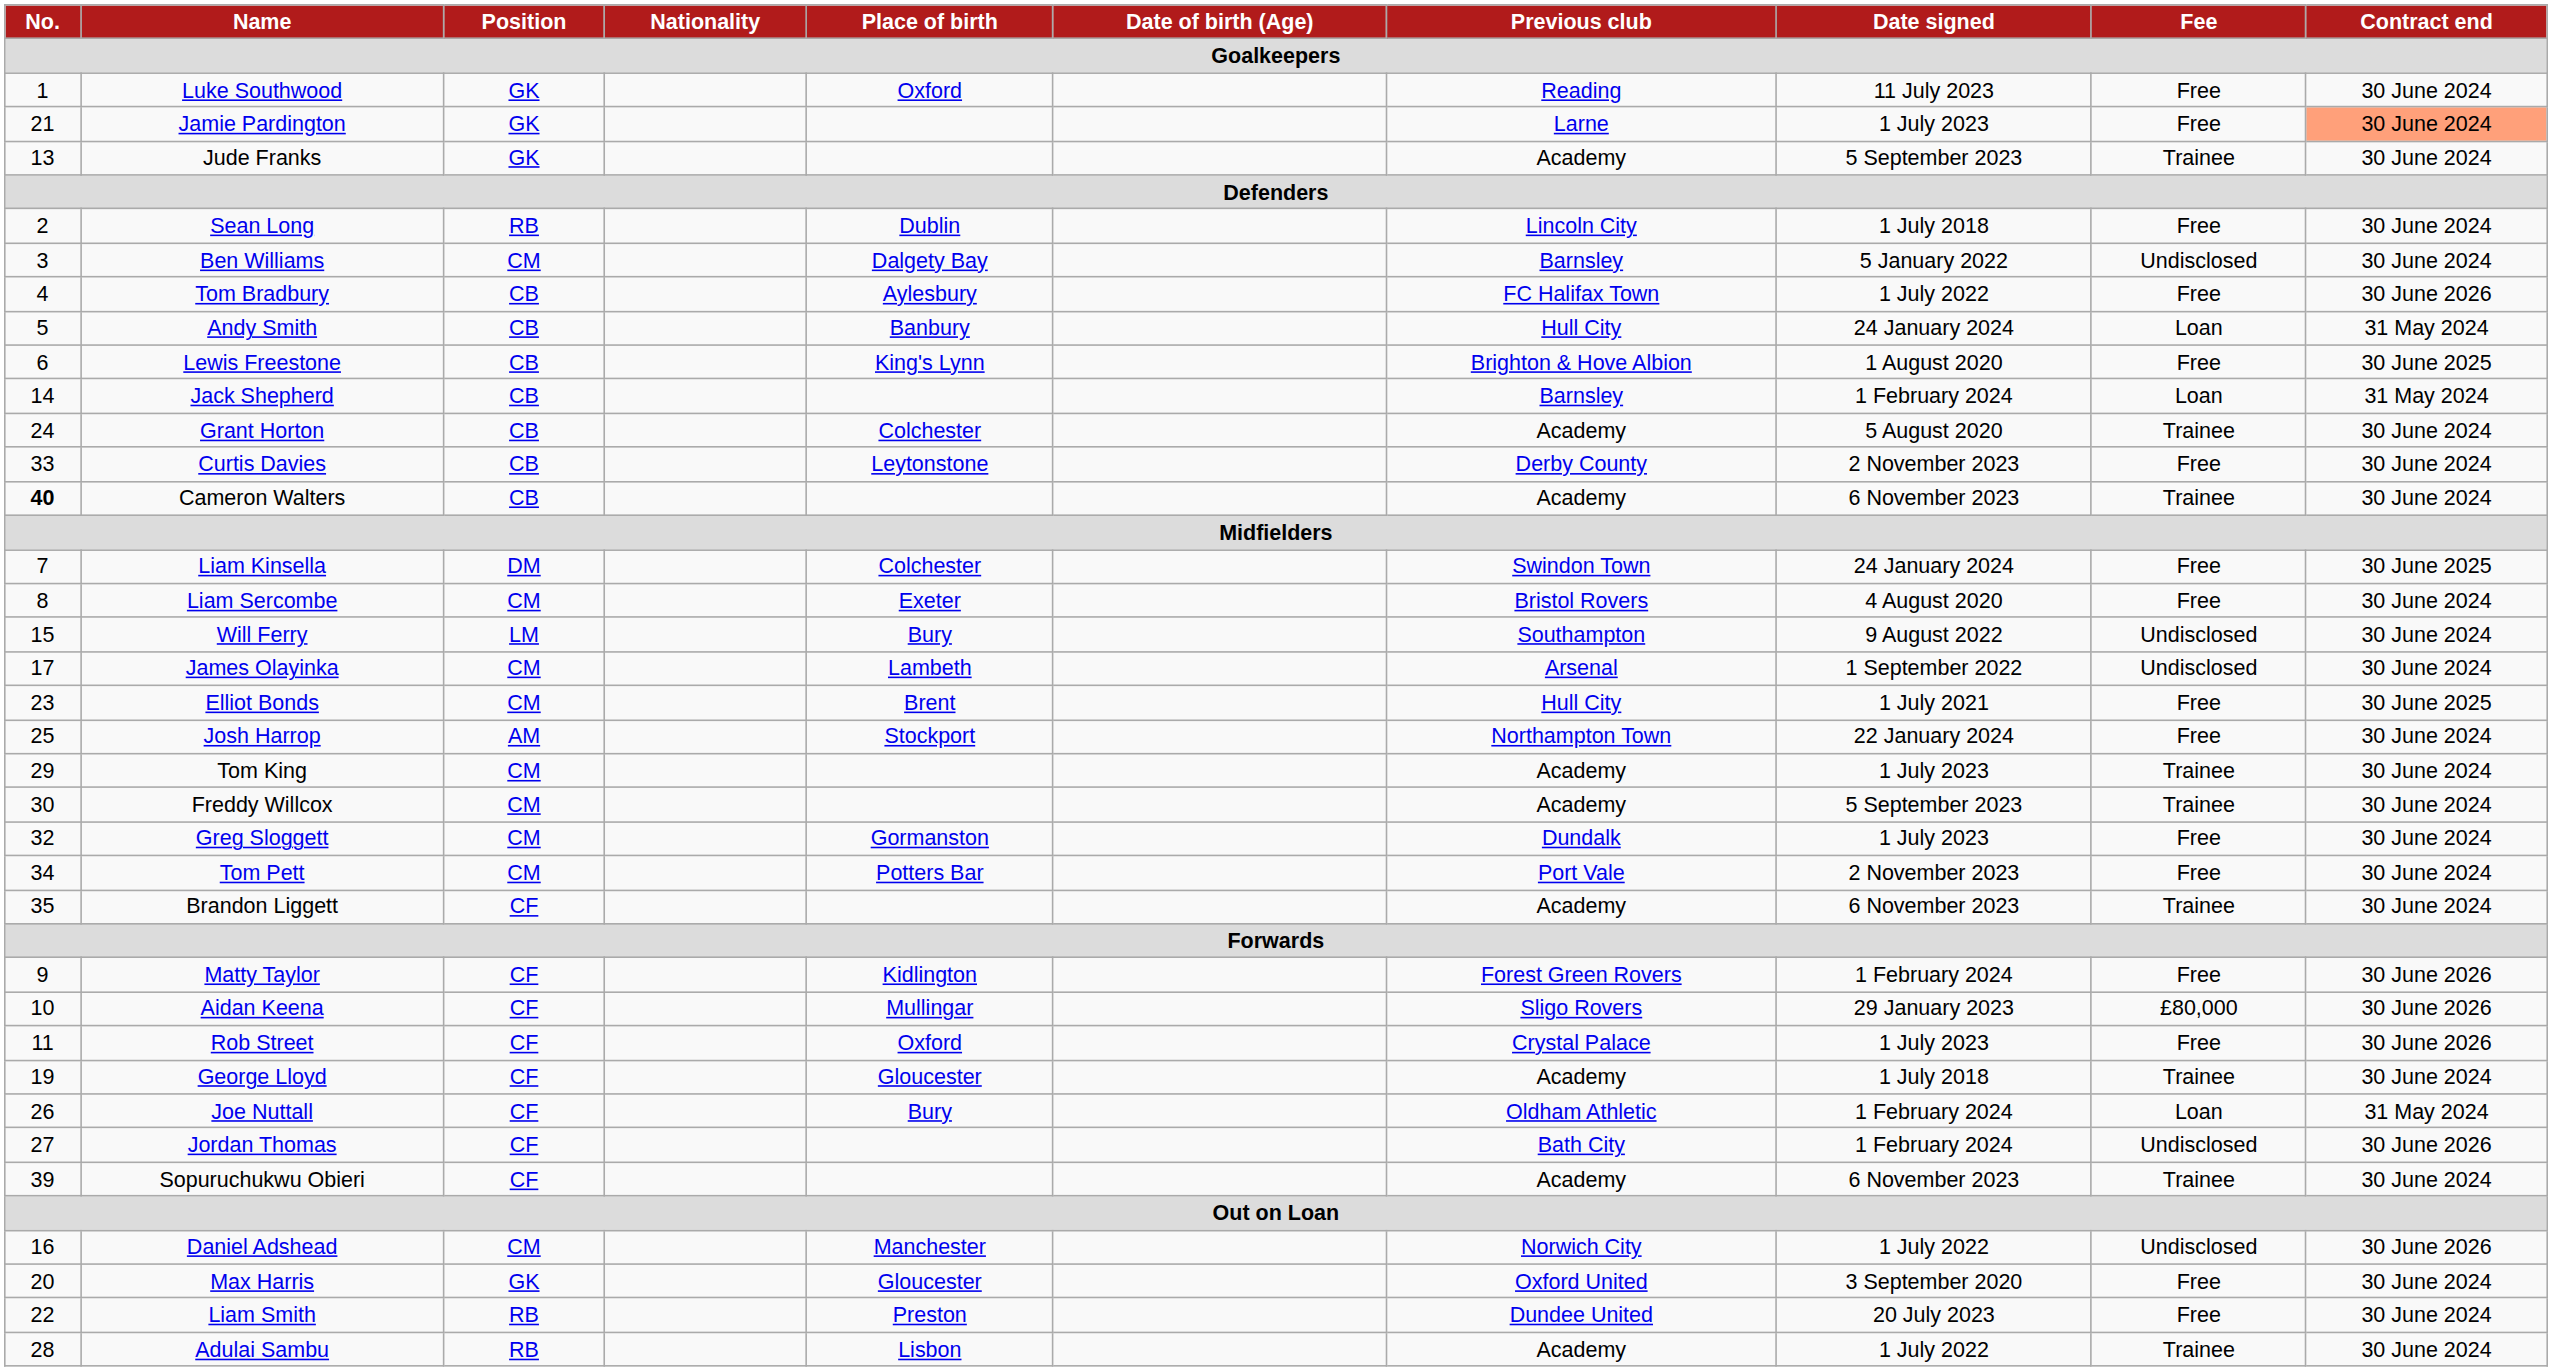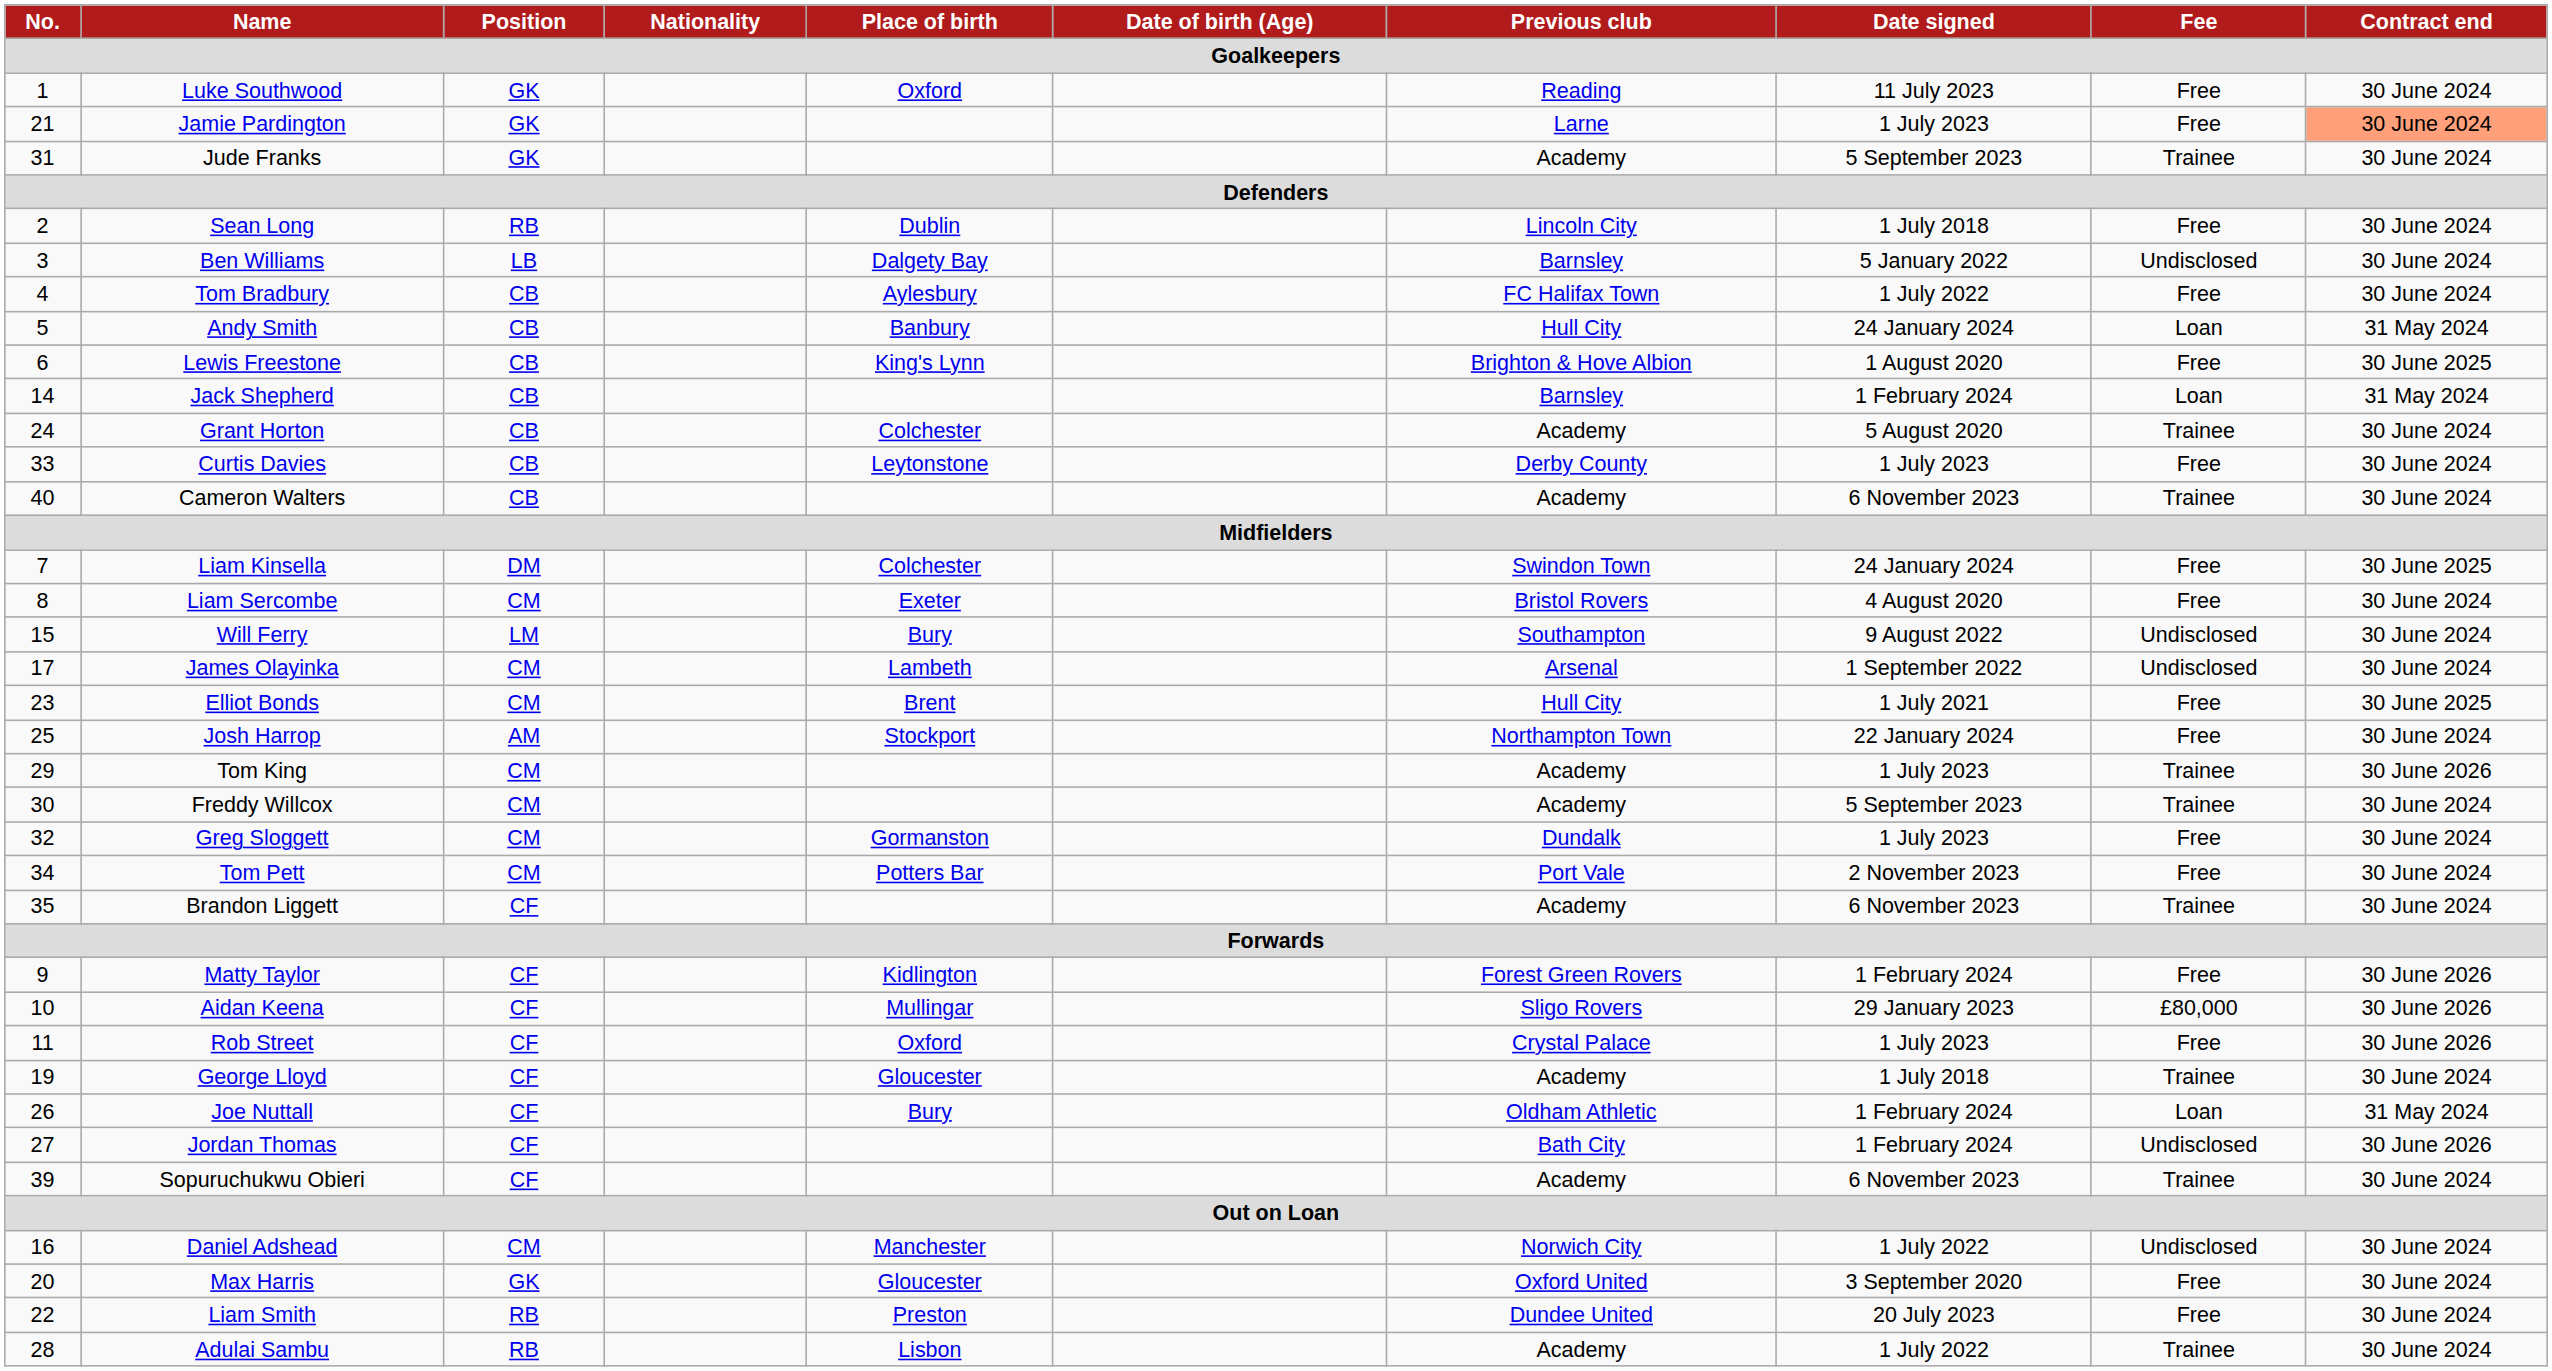 <table class="wikitable" style="text-align:center; font-size:84.5%; width:101%;">
 <tr>
 <th style="background:#B11B1B;color:#fff; text-align:center;">No.</th>
 <th style="background:#B11B1B;color:#fff; text-align:center;">Name</th>
 <th style="background:#B11B1B;color:#fff; text-align:center;">Position</th>
 <th style="background:#B11B1B;color:#fff; text-align:center;">Nationality</th>
 <th style="background:#B11B1B;color:#fff; text-align:center;">Place of birth</th>
 <th style="background:#B11B1B;color:#fff; text-align:center;">Date of birth (Age)</th>
 <th style="background:#B11B1B;color:#fff; text-align:center;">Previous club</th>
 <th style="background:#B11B1B;color:#fff; text-align:center;">Date signed</th>
 <th style="background:#B11B1B;color:#fff; text-align:center;">Fee</th>
 <th style="background:#B11B1B;color:#fff; text-align:center;">Contract end</th>
 </tr>
 <tr>
 <th colspan="14" style="background:#dcdcdc; tepxt-align:center;">Goalkeepers</th>
 </tr>
 <tr>
 <td>1</td>
 <td><a href='#'>Luke Southwood</a></td>
 <td><a href='#'>GK</a></td>
 <td></td>
 <td> <a href='#'>Oxford</a></td>
 <td></td>
 <td><a href='#'>Reading</a></td>
 <td>11 July 2023</td>
 <td>Free</td>
 <td>30 June 2024</td>
 </tr>
 <tr>
 <td>21</td>
 <td><a href='#'>Jamie Pardington</a></td>
 <td><a href='#'>GK</a></td>
 <td></td>
 <td></td>
 <td></td>
 <td> <a href='#'>Larne</a></td>
 <td>1 July 2023</td>
 <td>Free</td>
 <td style="background: lightsalmon;">30 June 2024</td>
 </tr>
 <tr>
-<td>13</td>
+<td>31</td>
 <td>Jude Franks</td>
 <td><a href='#'>GK</a></td>
 <td></td>
 <td></td>
 <td></td>
 <td>Academy</td>
 <td>5 September 2023</td>
 <td>Trainee</td>
 <td>30 June 2024</td>
 </tr>
 <tr>
 <th colspan="14" style="background:#dcdcdc; tepxt-align:center;">Defenders</th>
 </tr>
 <tr>
 <td>2</td>
 <td><a href='#'>Sean Long</a></td>
 <td><a href='#'>RB</a></td>
 <td></td>
 <td><a href='#'>Dublin</a></td>
 <td></td>
 <td><a href='#'>Lincoln City</a></td>
 <td>1 July 2018</td>
 <td>Free</td>
 <td>30 June 2024</td>
 </tr>
 <tr>
 <td>3</td>
 <td><a href='#'>Ben Williams</a></td>
-<td><a href='#'>CM</a></td>
+<td><a href='#'>LB</a></td>
 <td></td>
 <td><a href='#'>Dalgety Bay</a></td>
 <td></td>
 <td><a href='#'>Barnsley</a></td>
 <td>5 January 2022</td>
 <td>Undisclosed</td>
 <td>30 June 2024</td>
 </tr>
 <tr>
 <td>4</td>
 <td><a href='#'>Tom Bradbury</a></td>
 <td><a href='#'>CB</a></td>
 <td></td>
 <td><a href='#'>Aylesbury</a></td>
 <td></td>
 <td><a href='#'>FC Halifax Town</a></td>
 <td>1 July 2022</td>
 <td>Free</td>
-<td>30 June 2026</td>
+<td>30 June 2024</td>
 </tr>
 <tr>
 <td>5</td>
 <td><a href='#'>Andy Smith</a></td>
 <td><a href='#'>CB</a></td>
 <td></td>
 <td><a href='#'>Banbury</a></td>
 <td></td>
 <td><a href='#'>Hull City</a></td>
 <td>24 January 2024</td>
 <td>Loan</td>
 <td>31 May 2024</td>
 </tr>
 <tr>
 <td>6</td>
 <td><a href='#'>Lewis Freestone</a></td>
 <td><a href='#'>CB</a></td>
 <td></td>
 <td><a href='#'>King's Lynn</a></td>
 <td></td>
 <td><a href='#'>Brighton & Hove Albion</a></td>
 <td>1 August 2020</td>
 <td>Free</td>
 <td>30 June 2025</td>
 </tr>
 <tr>
 <td>14</td>
 <td><a href='#'>Jack Shepherd</a></td>
 <td><a href='#'>CB</a></td>
 <td></td>
 <td></td>
 <td></td>
 <td><a href='#'>Barnsley</a></td>
 <td>1 February 2024</td>
 <td>Loan</td>
 <td>31 May 2024</td>
 </tr>
 <tr>
 <td>24</td>
 <td><a href='#'>Grant Horton</a></td>
 <td><a href='#'>CB</a></td>
 <td></td>
 <td><a href='#'>Colchester</a></td>
 <td></td>
 <td>Academy</td>
 <td>5 August 2020</td>
 <td>Trainee</td>
 <td>30 June 2024</td>
 </tr>
 <tr>
 <td>33</td>
 <td><a href='#'>Curtis Davies</a></td>
 <td><a href='#'>CB</a></td>
 <td></td>
 <td><a href='#'>Leytonstone</a></td>
 <td></td>
 <td><a href='#'>Derby County</a></td>
-<td>2 November 2023</td>
+<td>1 July 2023</td>
 <td>Free</td>
 <td>30 June 2024</td>
 </tr>
 <tr>
-<td><strong>40</strong></td>
+<td>40</td>
 <td>Cameron Walters</td>
 <td><a href='#'>CB</a></td>
 <td></td>
 <td></td>
 <td></td>
 <td>Academy</td>
 <td>6 November 2023</td>
 <td>Trainee</td>
 <td>30 June 2024</td>
 </tr>
 <tr>
 <th colspan="14" style="background:#dcdcdc; tepxt-align:center;">Midfielders</th>
 </tr>
 <tr>
 <td>7</td>
 <td><a href='#'>Liam Kinsella</a></td>
 <td><a href='#'>DM</a></td>
 <td></td>
 <td> <a href='#'>Colchester</a></td>
 <td></td>
 <td><a href='#'>Swindon Town</a></td>
 <td>24 January 2024</td>
 <td>Free</td>
 <td>30 June 2025</td>
 </tr>
 <tr>
 <td>8</td>
 <td><a href='#'>Liam Sercombe</a></td>
 <td><a href='#'>CM</a></td>
 <td></td>
 <td><a href='#'>Exeter</a></td>
 <td></td>
 <td><a href='#'>Bristol Rovers</a></td>
 <td>4 August 2020</td>
 <td>Free</td>
 <td>30 June 2024</td>
 </tr>
 <tr>
 <td>15</td>
 <td><a href='#'>Will Ferry</a></td>
 <td><a href='#'>LM</a></td>
 <td></td>
 <td> <a href='#'>Bury</a></td>
 <td></td>
 <td><a href='#'>Southampton</a></td>
 <td>9 August 2022</td>
 <td>Undisclosed</td>
 <td>30 June 2024</td>
 </tr>
 <tr>
 <td>17</td>
 <td><a href='#'>James Olayinka</a></td>
 <td><a href='#'>CM</a></td>
 <td></td>
 <td><a href='#'>Lambeth</a></td>
 <td></td>
 <td><a href='#'>Arsenal</a></td>
 <td>1 September 2022</td>
 <td>Undisclosed</td>
 <td>30 June 2024</td>
 </tr>
 <tr>
 <td>23</td>
 <td><a href='#'>Elliot Bonds</a></td>
 <td><a href='#'>CM</a></td>
 <td></td>
 <td> <a href='#'>Brent</a></td>
 <td></td>
 <td><a href='#'>Hull City</a></td>
 <td>1 July 2021</td>
 <td>Free</td>
 <td>30 June 2025</td>
 </tr>
 <tr>
 <td>25</td>
 <td><a href='#'>Josh Harrop</a></td>
 <td><a href='#'>AM</a></td>
 <td></td>
 <td><a href='#'>Stockport</a></td>
 <td></td>
 <td><a href='#'>Northampton Town</a></td>
 <td>22 January 2024</td>
 <td>Free</td>
 <td>30 June 2024</td>
 </tr>
 <tr>
 <td>29</td>
 <td>Tom King</td>
 <td><a href='#'>CM</a></td>
 <td></td>
 <td></td>
 <td></td>
 <td>Academy</td>
 <td>1 July 2023</td>
 <td>Trainee</td>
-<td>30 June 2024</td>
+<td>30 June 2026</td>
 </tr>
 <tr>
 <td>30</td>
 <td>Freddy Willcox</td>
 <td><a href='#'>CM</a></td>
 <td></td>
 <td></td>
 <td></td>
 <td>Academy</td>
 <td>5 September 2023</td>
 <td>Trainee</td>
 <td>30 June 2024</td>
 </tr>
 <tr>
 <td>32</td>
 <td><a href='#'>Greg Sloggett</a></td>
 <td><a href='#'>CM</a></td>
 <td></td>
 <td><a href='#'>Gormanston</a></td>
 <td></td>
 <td> <a href='#'>Dundalk</a></td>
 <td>1 July 2023</td>
 <td>Free</td>
 <td>30 June 2024</td>
 </tr>
 <tr>
 <td>34</td>
 <td><a href='#'>Tom Pett</a></td>
 <td><a href='#'>CM</a></td>
 <td></td>
 <td><a href='#'>Potters Bar</a></td>
 <td></td>
 <td><a href='#'>Port Vale</a></td>
 <td>2 November 2023</td>
 <td>Free</td>
 <td>30 June 2024</td>
 </tr>
 <tr>
 <td>35</td>
 <td>Brandon Liggett</td>
 <td><a href='#'>CF</a></td>
 <td></td>
 <td></td>
 <td></td>
 <td>Academy</td>
 <td>6 November 2023</td>
 <td>Trainee</td>
 <td>30 June 2024</td>
 </tr>
 <tr>
 <th colspan="14" style="background:#dcdcdc; tepxt-align:center;">Forwards</th>
 </tr>
 <tr>
 <td>9</td>
 <td><a href='#'>Matty Taylor</a></td>
 <td><a href='#'>CF</a></td>
 <td></td>
 <td><a href='#'>Kidlington</a></td>
 <td></td>
 <td><a href='#'>Forest Green Rovers</a></td>
 <td>1 February 2024</td>
 <td>Free</td>
 <td>30 June 2026</td>
 </tr>
 <tr>
 <td>10</td>
 <td><a href='#'>Aidan Keena</a></td>
 <td><a href='#'>CF</a></td>
 <td></td>
 <td><a href='#'>Mullingar</a></td>
 <td></td>
 <td> <a href='#'>Sligo Rovers</a></td>
 <td>29 January 2023</td>
 <td>£80,000</td>
 <td>30 June 2026</td>
 </tr>
 <tr>
 <td>11</td>
 <td><a href='#'>Rob Street</a></td>
 <td><a href='#'>CF</a></td>
 <td></td>
 <td><a href='#'>Oxford</a></td>
 <td></td>
 <td><a href='#'>Crystal Palace</a></td>
 <td>1 July 2023</td>
 <td>Free</td>
 <td>30 June 2026</td>
 </tr>
 <tr>
 <td>19</td>
 <td><a href='#'>George Lloyd</a></td>
 <td><a href='#'>CF</a></td>
 <td></td>
 <td><a href='#'>Gloucester</a></td>
 <td></td>
 <td>Academy</td>
 <td>1 July 2018</td>
 <td>Trainee</td>
 <td>30 June 2024</td>
 </tr>
 <tr>
 <td>26</td>
 <td><a href='#'>Joe Nuttall</a></td>
 <td><a href='#'>CF</a></td>
 <td></td>
 <td><a href='#'>Bury</a></td>
 <td></td>
 <td><a href='#'>Oldham Athletic</a></td>
 <td>1 February 2024</td>
 <td>Loan</td>
 <td>31 May 2024</td>
 </tr>
 <tr>
 <td>27</td>
 <td><a href='#'>Jordan Thomas</a></td>
 <td><a href='#'>CF</a></td>
 <td></td>
 <td></td>
 <td></td>
 <td><a href='#'>Bath City</a></td>
 <td>1 February 2024</td>
 <td>Undisclosed</td>
 <td>30 June 2026</td>
 </tr>
 <tr>
 <td>39</td>
 <td>Sopuruchukwu Obieri</td>
 <td><a href='#'>CF</a></td>
 <td></td>
 <td></td>
 <td></td>
 <td>Academy</td>
 <td>6 November 2023</td>
 <td>Trainee</td>
 <td>30 June 2024</td>
 </tr>
 <tr>
 <th colspan="14" style="background:#dcdcdc; tepxt-align:center;">Out on Loan</th>
 </tr>
 <tr>
 <td>16</td>
 <td><a href='#'>Daniel Adshead</a></td>
 <td><a href='#'>CM</a></td>
 <td></td>
 <td><a href='#'>Manchester</a></td>
 <td></td>
 <td><a href='#'>Norwich City</a></td>
 <td>1 July 2022</td>
 <td>Undisclosed</td>
-<td>30 June 2026</td>
+<td>30 June 2024</td>
 </tr>
 <tr>
 <td>20</td>
 <td><a href='#'>Max Harris</a></td>
 <td><a href='#'>GK</a></td>
 <td></td>
 <td><a href='#'>Gloucester</a></td>
 <td></td>
 <td><a href='#'>Oxford United</a></td>
 <td>3 September 2020</td>
 <td>Free</td>
 <td>30 June 2024</td>
 </tr>
 <tr>
 <td>22</td>
 <td><a href='#'>Liam Smith</a></td>
 <td><a href='#'>RB</a></td>
 <td></td>
 <td> <a href='#'>Preston</a></td>
 <td></td>
 <td> <a href='#'>Dundee United</a></td>
 <td>20 July 2023</td>
 <td>Free</td>
 <td>30 June 2024</td>
 </tr>
 <tr>
 <td>28</td>
 <td><a href='#'>Adulai Sambu</a></td>
 <td><a href='#'>RB</a></td>
 <td></td>
 <td> <a href='#'>Lisbon</a></td>
 <td></td>
 <td>Academy</td>
 <td>1 July 2022</td>
 <td>Trainee</td>
 <td>30 June 2024</td>
 </tr>
 </table>
